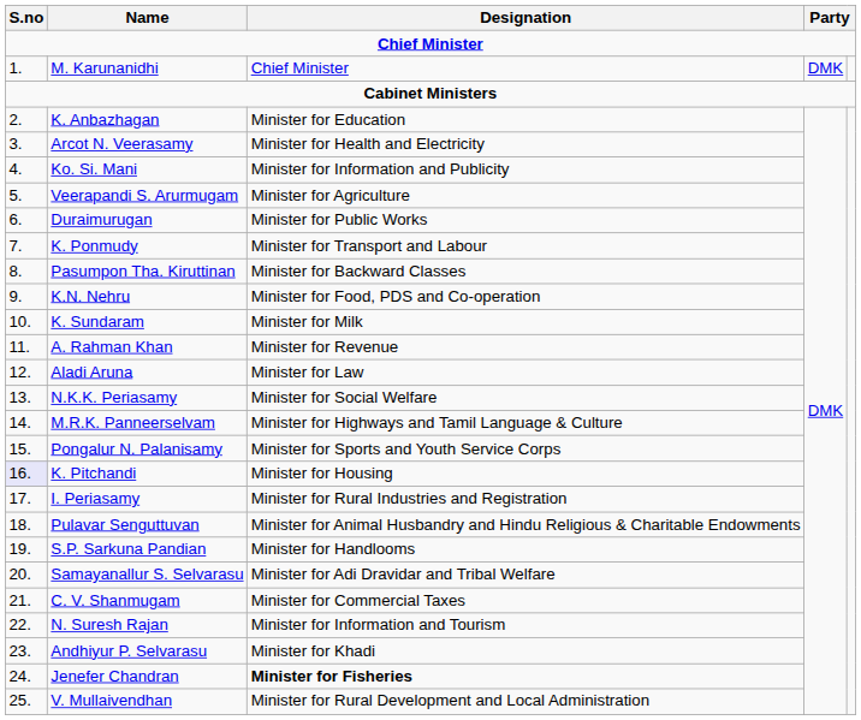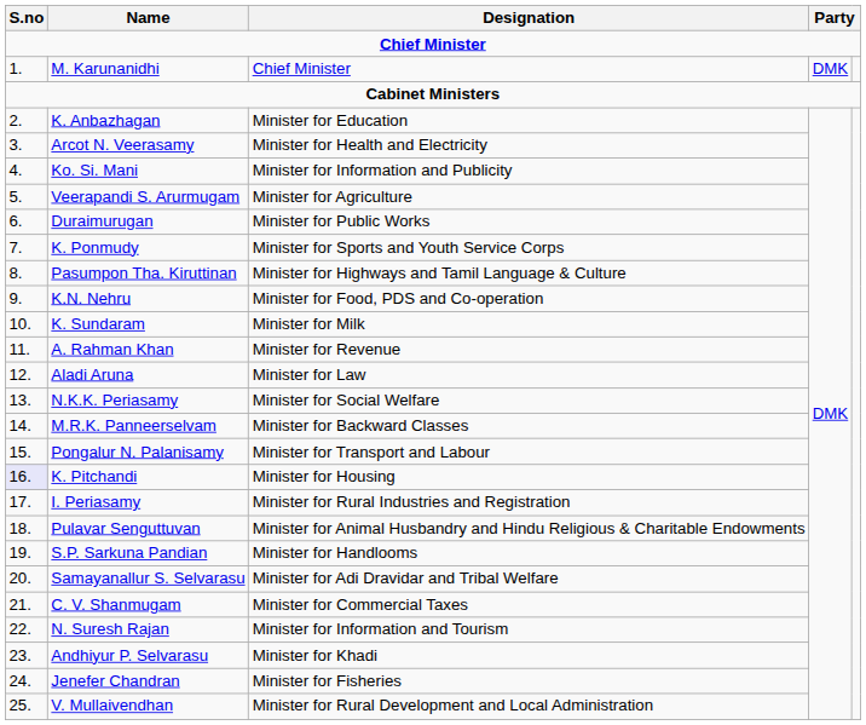 <table class="wikitable">
 <tr>
 <th>S.no</th>
 <th>Name</th>
 <th>Designation</th>
 <th colspan="2" scope="col">Party</th>
 </tr>
 <tr>
 <td colspan="5" style="text-align: center;"><strong><a href='#'>Chief Minister</a></strong></td>
 </tr>
 <tr>
 <td>1.</td>
 <td><a href='#'>M. Karunanidhi</a></td>
 <td><a href='#'>Chief Minister</a></td>
 <td><a href='#'>DMK</a></td>
 <td width="1px" style="background-color: "></td>
 </tr>
 <tr>
 <td colspan="5" style="text-align: center;"><strong>Cabinet Ministers</strong></td>
 </tr>
 <tr>
 <td>2.</td>
 <td><a href='#'>K. Anbazhagan</a></td>
 <td>Minister for Education</td>
 <td rowspan="32"><a href='#'>DMK</a></td>
 <td rowspan="32" width="1px" style="background-color: "></td>
 </tr>
 <tr>
 <td>3.</td>
 <td><a href='#'>Arcot N. Veerasamy</a></td>
 <td>Minister for Health and Electricity</td>
 </tr>
 <tr>
 <td>4.</td>
 <td><a href='#'>Ko. Si. Mani</a></td>
 <td>Minister for Information and Publicity</td>
 </tr>
 <tr>
 <td>5.</td>
 <td><a href='#'>Veerapandi S. Arurmugam</a></td>
 <td>Minister for Agriculture</td>
 </tr>
 <tr>
 <td>6.</td>
 <td><a href='#'>Duraimurugan</a></td>
 <td>Minister for Public Works</td>
 </tr>
 <tr>
 <td>7.</td>
 <td><a href='#'>K. Ponmudy</a></td>
-<td>Minister for Transport and Labour</td>
+<td>Minister for Sports and Youth Service Corps</td>
 </tr>
 <tr>
 <td>8.</td>
 <td><a href='#'>Pasumpon Tha. Kiruttinan</a></td>
-<td>Minister for Backward Classes</td>
+<td>Minister for Highways and Tamil Language & Culture</td>
 </tr>
 <tr>
 <td>9.</td>
 <td><a href='#'>K.N. Nehru</a></td>
 <td>Minister for Food, PDS and Co-operation</td>
 </tr>
 <tr>
 <td>10.</td>
 <td><a href='#'>K. Sundaram</a></td>
 <td>Minister for Milk</td>
 </tr>
 <tr>
 <td>11.</td>
 <td><a href='#'>A. Rahman Khan</a></td>
 <td>Minister for Revenue</td>
 </tr>
 <tr>
 <td>12.</td>
 <td><a href='#'>Aladi Aruna</a></td>
 <td>Minister for Law</td>
 </tr>
 <tr>
 <td>13.</td>
 <td><a href='#'>N.K.K. Periasamy</a></td>
 <td>Minister for Social Welfare</td>
 </tr>
 <tr>
 <td>14.</td>
 <td><a href='#'>M.R.K. Panneerselvam</a></td>
-<td>Minister for Highways and Tamil Language & Culture</td>
+<td>Minister for Backward Classes</td>
 </tr>
 <tr>
 <td>15.</td>
 <td><a href='#'>Pongalur N. Palanisamy</a></td>
-<td>Minister for Sports and Youth Service Corps</td>
+<td>Minister for Transport and Labour</td>
 </tr>
 <tr>
 <td style="background: lavender;">16.</td>
 <td><a href='#'>K. Pitchandi</a></td>
 <td>Minister for Housing</td>
 </tr>
 <tr>
 <td>17.</td>
 <td><a href='#'>I. Periasamy</a></td>
 <td>Minister for Rural Industries and Registration</td>
 </tr>
 <tr>
 <td>18.</td>
 <td><a href='#'>Pulavar Senguttuvan</a></td>
 <td>Minister for Animal Husbandry and Hindu Religious & Charitable Endowments</td>
 </tr>
 <tr>
 <td>19.</td>
 <td><a href='#'>S.P. Sarkuna Pandian</a></td>
 <td>Minister for Handlooms</td>
 </tr>
 <tr>
 <td>20.</td>
 <td><a href='#'>Samayanallur S. Selvarasu</a></td>
 <td>Minister for Adi Dravidar and Tribal Welfare</td>
 </tr>
 <tr>
 <td>21.</td>
 <td><a href='#'>C. V. Shanmugam</a></td>
 <td>Minister for Commercial Taxes</td>
 </tr>
 <tr>
 <td>22.</td>
 <td><a href='#'>N. Suresh Rajan</a></td>
 <td>Minister for Information and Tourism</td>
 </tr>
 <tr>
 <td>23.</td>
 <td><a href='#'>Andhiyur P. Selvarasu</a></td>
 <td>Minister for Khadi</td>
 </tr>
 <tr>
 <td>24.</td>
 <td><a href='#'>Jenefer Chandran</a></td>
-<td><strong>Minister for Fisheries</strong></td>
+<td>Minister for Fisheries</td>
 </tr>
 <tr>
 <td>25.</td>
 <td><a href='#'>V. Mullaivendhan</a></td>
 <td>Minister for Rural Development and Local Administration</td>
 </tr>
 </table>
